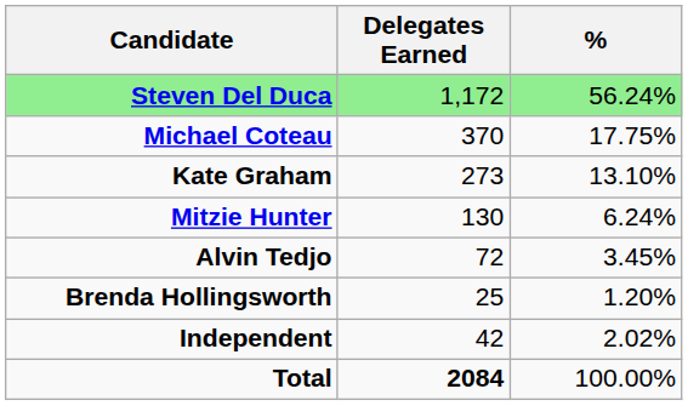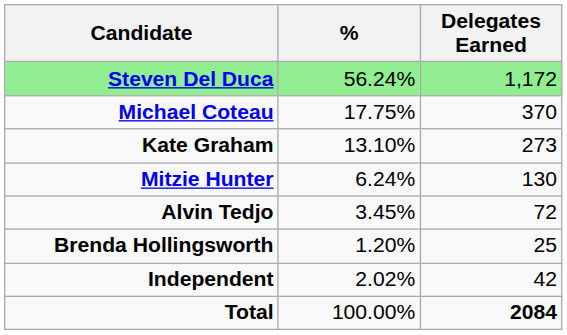 <table class="wikitable">
 <tr>
 <th style="width:200px;">Candidate</th>
+<th style="width:100px;">%</th>
 <th style="width:100px;">Delegates Earned</th>
-<th style="width:100px;">%</th>
 </tr>
 <tr style="text-align:right;background:lightgreen;">
 <td><strong><a href='#'>Steven Del Duca</a></strong></td>
+<td>56.24%</td>
 <td>1,172</td>
-<td>56.24%</td>
 </tr>
 <tr style="text-align:right;">
 <td><strong><a href='#'>Michael Coteau</a></strong></td>
+<td>17.75%</td>
 <td>370</td>
-<td>17.75%</td>
 </tr>
 <tr style="text-align:right;">
 <td><strong>Kate Graham</strong></td>
+<td>13.10%</td>
 <td>273</td>
-<td>13.10%</td>
 </tr>
 <tr style="text-align:right;">
 <td><strong><a href='#'>Mitzie Hunter</a></strong></td>
+<td>6.24%</td>
 <td>130</td>
-<td>6.24%</td>
 </tr>
 <tr style="text-align:right;">
 <td><strong>Alvin Tedjo</strong></td>
+<td>3.45%</td>
 <td>72</td>
-<td>3.45%</td>
 </tr>
 <tr style="text-align:right;">
 <td><strong>Brenda Hollingsworth</strong></td>
+<td>1.20%</td>
 <td>25</td>
-<td>1.20%</td>
 </tr>
 <tr style="text-align:right;">
 <td><strong>Independent</strong></td>
+<td>2.02%</td>
 <td>42</td>
-<td>2.02%</td>
 </tr>
 <tr style="text-align:right;">
 <td><strong>Total</strong></td>
+<td>100.00%</td>
 <td><strong>2084</strong></td>
-<td>100.00%</td>
 </tr>
 </table>
